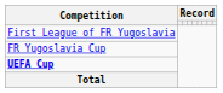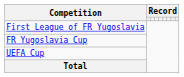 <table class="wikitable" style="text-align: left">
 <tr>
 <th rowspan=2>Competition</th>
 <th colspan=8>Record</th>
 </tr>
 <tr>
 <th></th>
 <th></th>
 <th></th>
 <th></th>
 <th></th>
 <th></th>
 <th></th>
 <th></th>
 </tr>
 <tr>
 <td><a href='#'>First League of FR Yugoslavia</a><br></td>
 </tr>
 <tr>
 <td><a href='#'>FR Yugoslavia Cup</a><br></td>
 </tr>
 <tr>
-<td><strong><a href='#'>UEFA Cup</a><br></strong></td>
+<td><a href='#'>UEFA Cup</a><br></td>
 </tr>
 <tr>
 <th>Total<br></th>
 </tr>
 </table>
